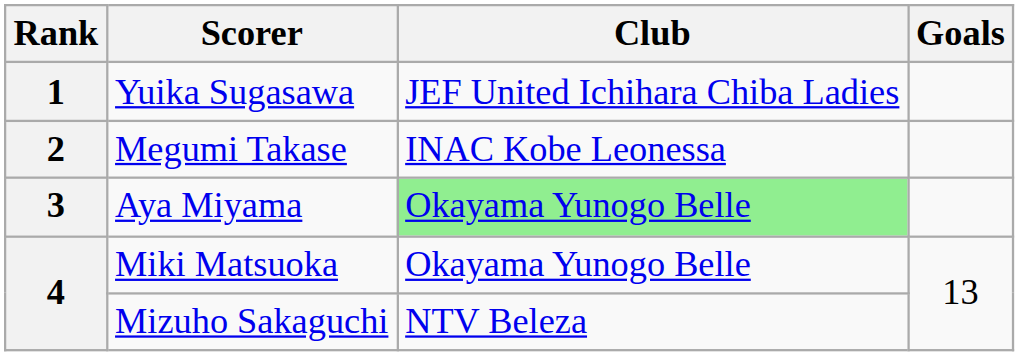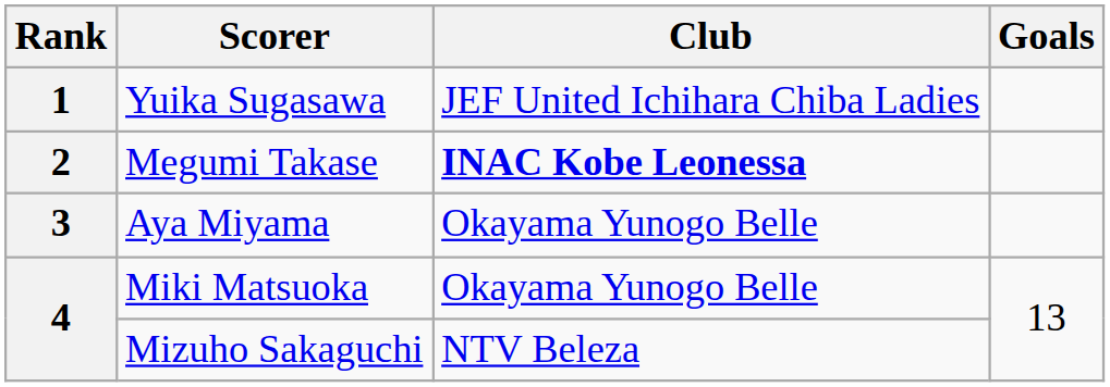 <table class="wikitable">
 <tr>
 <th>Rank</th>
 <th>Scorer</th>
 <th>Club</th>
 <th>Goals</th>
 </tr>
 <tr>
 <th>1</th>
 <td> <a href='#'>Yuika Sugasawa</a></td>
 <td><a href='#'>JEF United Ichihara Chiba Ladies</a></td>
 <td></td>
 </tr>
 <tr>
 <th>2</th>
 <td> <a href='#'>Megumi Takase</a></td>
-<td><a href='#'>INAC Kobe Leonessa</a></td>
+<td><strong><a href='#'>INAC Kobe Leonessa</a></strong></td>
 <td></td>
 </tr>
 <tr>
 <th>3</th>
 <td> <a href='#'>Aya Miyama</a></td>
-<td style="background: lightgreen;"><a href='#'>Okayama Yunogo Belle</a></td>
+<td><a href='#'>Okayama Yunogo Belle</a></td>
 <td></td>
 </tr>
 <tr>
 <th rowspan=2>4</th>
 <td> <a href='#'>Miki Matsuoka</a></td>
 <td><a href='#'>Okayama Yunogo Belle</a></td>
 <td rowspan=2 style="text-align:center;">13</td>
 </tr>
 <tr>
 <td> <a href='#'>Mizuho Sakaguchi</a></td>
 <td><a href='#'>NTV Beleza</a></td>
 </tr>
 </table>
